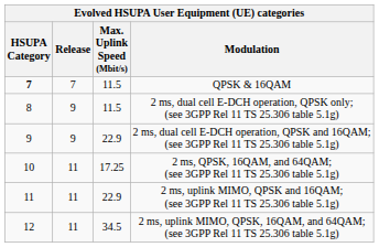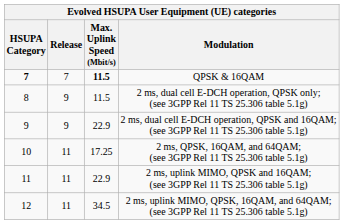 <table class="wikitable collapsible collapsed" style="text-align:center">
 <tr>
 <th colspan="4">Evolved HSUPA User Equipment (UE) categories</th>
 </tr>
 <tr>
 <th>HSUPA<br>Category</th>
 <th>Release</th>
 <th>Max.<br>Uplink<br>Speed<br><small>(Mbit/s)</small></th>
 <th>Modulation</th>
 </tr>
 <tr>
 <td><strong>7</strong></td>
 <td>7</td>
-<td>11.5</td>
+<td><strong>11.5</strong></td>
 <td>QPSK & 16QAM</td>
 </tr>
 <tr>
 <td>8</td>
 <td>9</td>
 <td>11.5</td>
 <td>2 ms, dual cell E-DCH operation, QPSK only;<br>(see 3GPP Rel 11 TS 25.306 table 5.1g)</td>
 </tr>
 <tr>
 <td>9</td>
 <td>9</td>
 <td>22.9</td>
 <td>2 ms, dual cell E-DCH operation, QPSK and 16QAM;<br>(see 3GPP Rel 11 TS 25.306 table 5.1g)</td>
 </tr>
 <tr>
 <td>10</td>
 <td>11</td>
 <td>17.25</td>
 <td>2 ms, QPSK, 16QAM, and 64QAM;<br>(see 3GPP Rel 11 TS 25.306 table 5.1g)</td>
 </tr>
 <tr>
 <td>11</td>
 <td>11</td>
 <td>22.9</td>
 <td>2 ms, uplink MIMO, QPSK and 16QAM;<br>(see 3GPP Rel 11 TS 25.306 table 5.1g)</td>
 </tr>
 <tr>
 <td>12</td>
 <td>11</td>
 <td>34.5</td>
 <td>2 ms, uplink MIMO, QPSK, 16QAM, and 64QAM;<br>(see 3GPP Rel 11 TS 25.306 table 5.1g)</td>
 </tr>
 </table>
